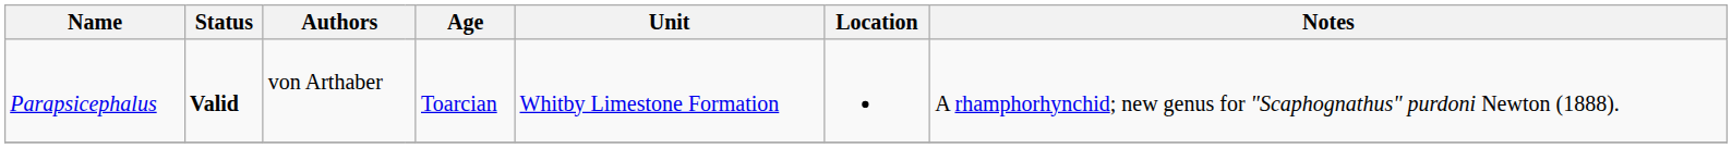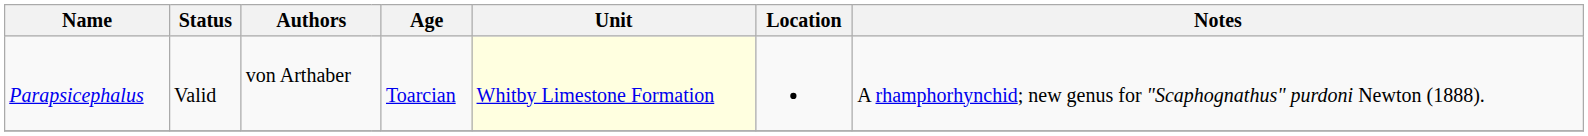 <table class="wikitable sortable" align="center" width="100%">
 <tr>
 <th>Name</th>
 <th>Status</th>
 <th colspan="2">Authors</th>
 <th>Age</th>
 <th>Unit</th>
 <th>Location</th>
 <th>Notes</th>
 </tr>
 <tr>
 <td><br><em><a href='#'>Parapsicephalus</a></em></td>
-<td><strong><br>Valid</strong></td>
+<td><br>Valid</td>
 <td style="border-right:0px" valign="top"><br>von Arthaber</td>
 <td style="border-left:0px" valign="top"></td>
 <td><br><a href='#'>Toarcian</a></td>
-<td><br><a href='#'>Whitby Limestone Formation</a></td>
+<td style="background: lightyellow;"><br><a href='#'>Whitby Limestone Formation</a></td>
 <td><br><ul><li></li></ul></td>
 <td><br>A <a href='#'>rhamphorhynchid</a>; new genus for <em>"Scaphognathus" purdoni</em> Newton (1888).</td>
 </tr>
 <tr>
 </tr>
 </table>
